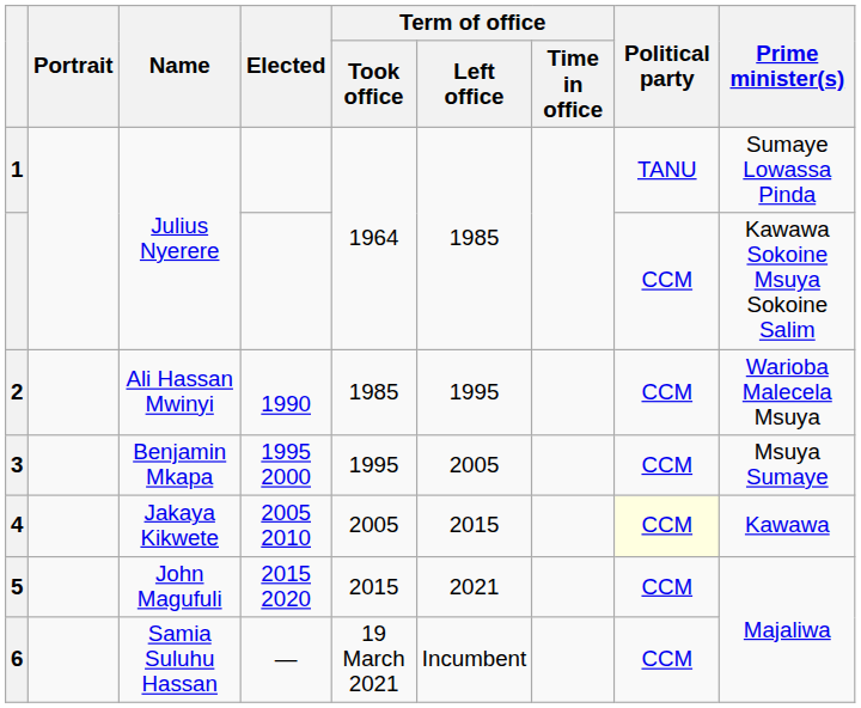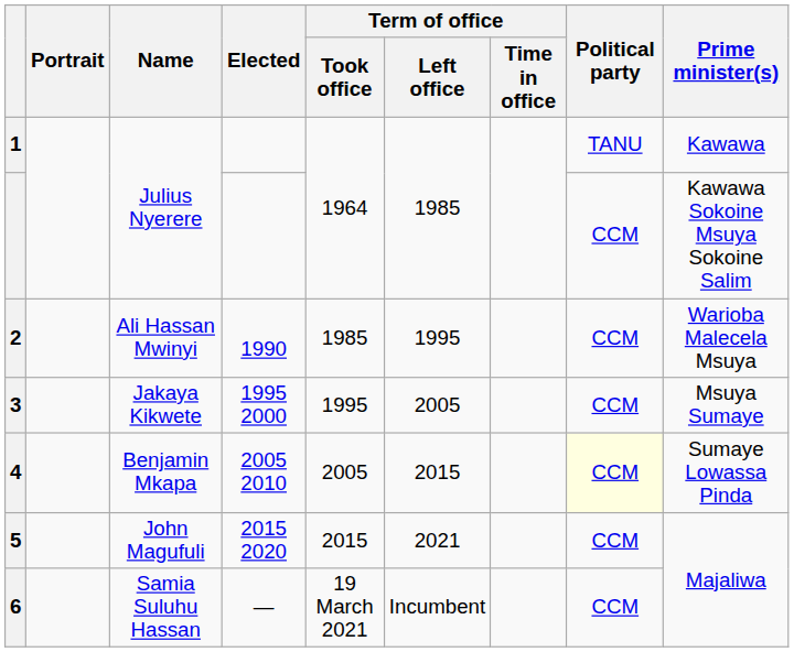 <table class="wikitable" style="text-align:center">
 <tr>
 <th rowspan="2"></th>
 <th rowspan="2">Portrait</th>
 <th rowspan="2">Name<br></th>
 <th rowspan="2">Elected</th>
 <th colspan="3">Term of office</th>
 <th rowspan="2">Political party</th>
 <th rowspan="2"><a href='#'>Prime minister(s)</a></th>
 </tr>
 <tr>
 <th>Took office</th>
 <th>Left office</th>
 <th>Time in office</th>
 </tr>
 <tr>
 <th style="background:">1</th>
 <td rowspan=2></td>
 <td rowspan=2><a href='#'>Julius Nyerere</a><br></td>
 <td><br><br></td>
 <td rowspan=2> 1964</td>
 <td rowspan=2> 1985</td>
 <td rowspan=2></td>
 <td><a href='#'>TANU</a><br></td>
-<td>Sumaye<br><a href='#'>Lowassa</a><br><a href='#'>Pinda</a></td>
+<td><a href='#'>Kawawa</a></td>
 </tr>
 <tr>
 <th style="background:"></th>
 <td></td>
 <td><a href='#'>CCM</a></td>
 <td>Kawawa<br><a href='#'>Sokoine</a><br><a href='#'>Msuya</a><br>Sokoine<br><a href='#'>Salim</a></td>
 </tr>
 <tr>
 <th style="background:">2</th>
 <td></td>
 <td><a href='#'>Ali Hassan Mwinyi</a><br></td>
 <td><br><a href='#'>1990</a></td>
 <td> 1985</td>
 <td> 1995</td>
 <td></td>
 <td><a href='#'>CCM</a></td>
 <td><a href='#'>Warioba</a><br><a href='#'>Malecela</a><br>Msuya</td>
 </tr>
 <tr>
 <th style="background:">3</th>
 <td></td>
-<td><a href='#'>Benjamin Mkapa</a><br></td>
+<td><a href='#'>Jakaya Kikwete</a><br></td>
 <td><a href='#'>1995</a><br><a href='#'>2000</a></td>
 <td> 1995</td>
 <td> 2005</td>
 <td></td>
 <td><a href='#'>CCM</a></td>
 <td>Msuya<br><a href='#'>Sumaye</a></td>
 </tr>
 <tr>
 <th style="background:">4</th>
 <td></td>
-<td><a href='#'>Jakaya Kikwete</a><br></td>
+<td><a href='#'>Benjamin Mkapa</a><br></td>
 <td><a href='#'>2005</a><br><a href='#'>2010</a></td>
 <td> 2005</td>
 <td> 2015</td>
 <td></td>
 <td style="background: lightyellow;"><a href='#'>CCM</a></td>
-<td><a href='#'>Kawawa</a></td>
+<td>Sumaye<br><a href='#'>Lowassa</a><br><a href='#'>Pinda</a></td>
 </tr>
 <tr>
 <th style="background:">5</th>
 <td></td>
 <td><a href='#'>John Magufuli</a><br></td>
 <td><a href='#'>2015</a><br><a href='#'>2020</a></td>
 <td> 2015</td>
 <td> 2021</td>
 <td></td>
 <td><a href='#'>CCM</a></td>
 <td rowspan=2><a href='#'>Majaliwa</a></td>
 </tr>
 <tr>
 <th style="background:">6</th>
 <td></td>
 <td><a href='#'>Samia Suluhu Hassan</a><br></td>
 <td>—</td>
 <td>19 March 2021</td>
 <td>Incumbent</td>
 <td></td>
 <td><a href='#'>CCM</a></td>
 </tr>
 </table>
